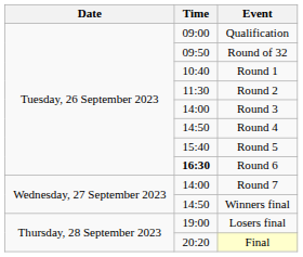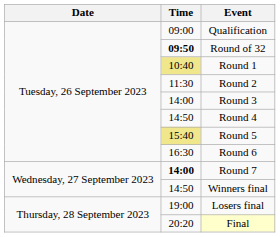 <table class = "wikitable" style="text-align:center;">
 <tr>
 <th width=220>Date</th>
 <th width=50>Time</th>
 <th width=100>Event</th>
 </tr>
 <tr>
 <td rowspan=8>Tuesday, 26 September 2023</td>
 <td>09:00</td>
 <td>Qualification</td>
 </tr>
 <tr>
-<td>09:50</td>
+<td><strong>09:50</strong></td>
 <td>Round of 32</td>
 </tr>
 <tr>
-<td>10:40</td>
+<td style="background: khaki;">10:40</td>
 <td>Round 1</td>
 </tr>
 <tr>
 <td>11:30</td>
 <td>Round 2</td>
 </tr>
 <tr>
 <td>14:00</td>
 <td>Round 3</td>
 </tr>
 <tr>
 <td>14:50</td>
 <td>Round 4</td>
 </tr>
 <tr>
-<td>15:40</td>
+<td style="background: khaki;">15:40</td>
 <td>Round 5</td>
 </tr>
 <tr>
-<td><strong>16:30</strong></td>
+<td>16:30</td>
 <td>Round 6</td>
 </tr>
 <tr>
 <td rowspan=2>Wednesday, 27 September 2023</td>
-<td>14:00</td>
+<td><strong>14:00</strong></td>
 <td>Round 7</td>
 </tr>
 <tr>
 <td>14:50</td>
 <td>Winners final</td>
 </tr>
 <tr>
 <td rowspan=2>Thursday, 28 September 2023</td>
 <td>19:00</td>
 <td>Losers final</td>
 </tr>
 <tr>
 <td>20:20</td>
 <td style="background:#ffffcc;">Final</td>
 </tr>
 </table>
